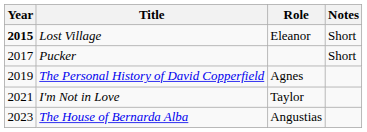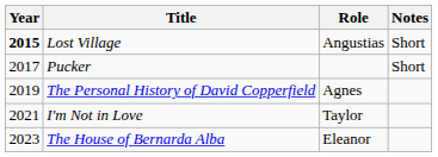 <table class="wikitable">
 <tr>
 <th>Year</th>
 <th>Title</th>
 <th>Role</th>
 <th>Notes</th>
 </tr>
 <tr>
 <td><strong>2015</strong></td>
 <td><em>Lost Village</em></td>
-<td>Eleanor</td>
+<td>Angustias</td>
 <td>Short</td>
 </tr>
 <tr>
 <td>2017</td>
 <td><em>Pucker</em></td>
 <td></td>
 <td>Short</td>
 </tr>
 <tr>
 <td>2019</td>
 <td><em><a href='#'>The Personal History of David Copperfield</a></em></td>
 <td>Agnes</td>
 <td></td>
 </tr>
 <tr>
 <td>2021</td>
 <td><em>I'm Not in Love</em></td>
 <td>Taylor</td>
 <td></td>
 </tr>
 <tr>
 <td>2023</td>
 <td><em><a href='#'>The House of Bernarda Alba</a></em></td>
-<td>Angustias</td>
+<td>Eleanor</td>
 </tr>
 </table>
